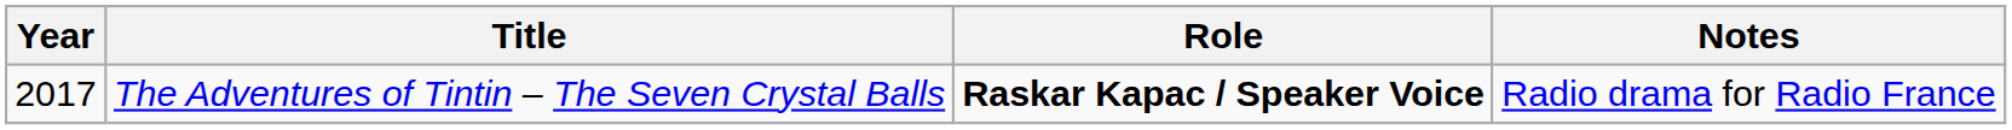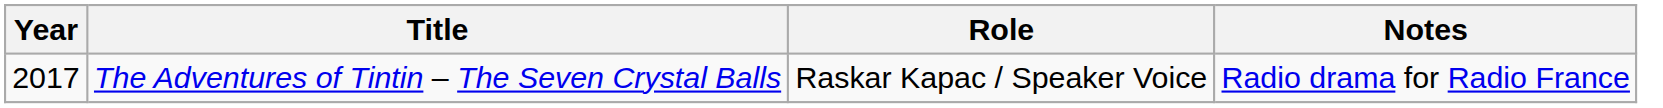 <table class="wikitable" style="font-size:90%;">
 <tr>
 <th>Year</th>
 <th>Title</th>
 <th>Role</th>
 <th>Notes</th>
 </tr>
 <tr>
 <td rowspan="2">2017</td>
 <td><em><a href='#'>The Adventures of Tintin</a></em> – <em><a href='#'>The Seven Crystal Balls</a></em></td>
-<td><strong>Raskar Kapac / Speaker Voice</strong></td>
+<td>Raskar Kapac / Speaker Voice</td>
 <td><a href='#'>Radio drama</a> for <a href='#'>Radio France</a></td>
 </tr>
 </table>
